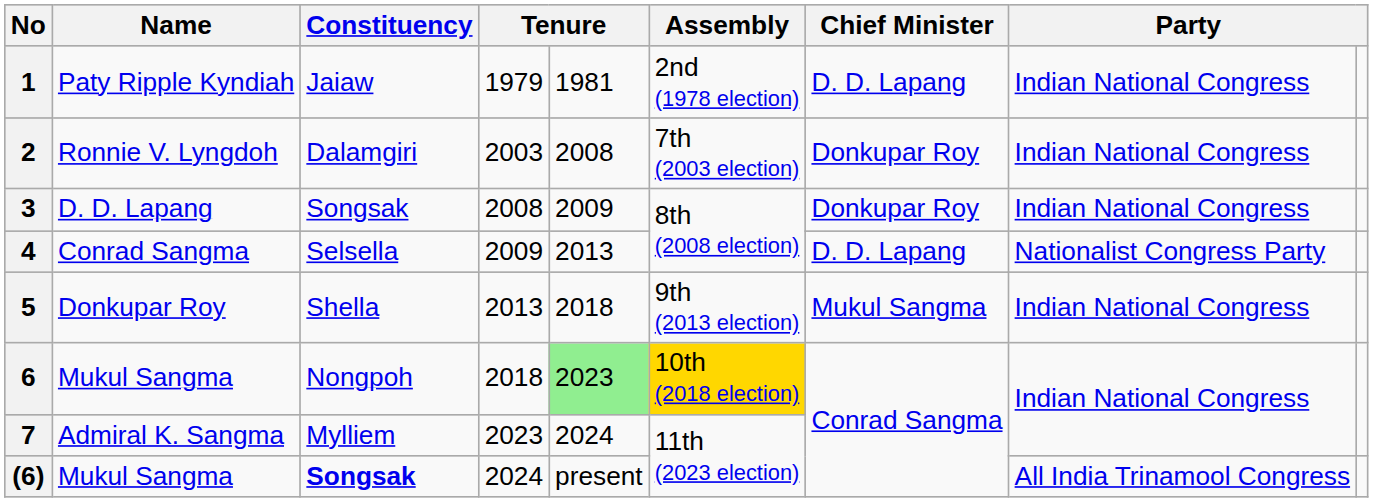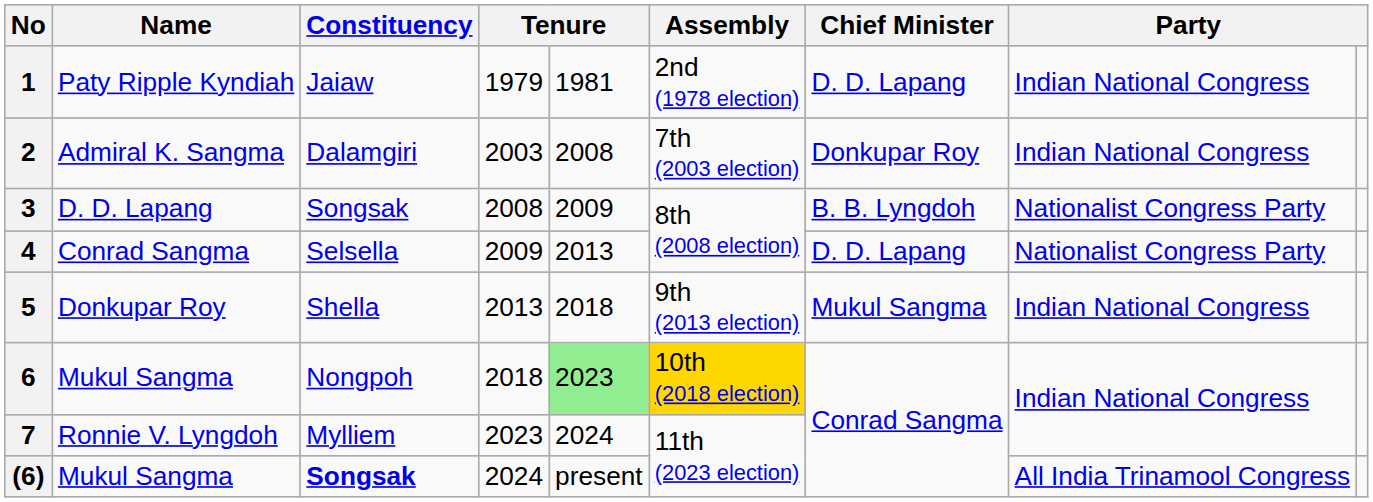 <table class="wikitable sortable" text-align:center">
 <tr>
 <th>No</th>
 <th>Name</th>
 <th><a href='#'>Constituency</a></th>
 <th colspan="2">Tenure</th>
 <th>Assembly <br></th>
 <th>Chief Minister</th>
 <th colspan="2">Party</th>
 </tr>
 <tr>
 <th>1</th>
 <td><a href='#'>Paty Ripple Kyndiah</a></td>
 <td><a href='#'>Jaiaw</a></td>
 <td>1979</td>
 <td>1981</td>
 <td>2nd <br> <a href='#'><small>(1978 election)</small></a></td>
 <td><a href='#'>D. D. Lapang</a></td>
 <td><a href='#'>Indian National Congress</a></td>
 <td style="background-color: "></td>
 </tr>
 <tr>
 <th>2</th>
-<td><a href='#'>Ronnie V. Lyngdoh</a></td>
+<td><a href='#'>Admiral K. Sangma</a></td>
 <td><a href='#'>Dalamgiri</a></td>
 <td>2003</td>
 <td>2008</td>
 <td>7th <br> <a href='#'><small>(2003 election)</small></a></td>
 <td><a href='#'>Donkupar Roy</a></td>
 <td><a href='#'>Indian National Congress</a></td>
 <td style="background-color: "></td>
 </tr>
 <tr>
 <th>3</th>
 <td><a href='#'>D. D. Lapang</a></td>
 <td><a href='#'>Songsak</a></td>
 <td>2008</td>
 <td>2009</td>
 <td rowspan="3">8th <br><a href='#'><small>(2008 election)</small></a></td>
-<td><a href='#'>Donkupar Roy</a></td>
-<td><a href='#'>Indian National Congress</a></td>
+<td><a href='#'>B. B. Lyngdoh</a></td>
+<td><a href='#'>Nationalist Congress Party</a></td>
 <td style="background-color: "></td>
 </tr>
 <tr>
 <th rowspan="2">4</th>
 <td rowspan="2"><a href='#'>Conrad Sangma</a></td>
 <td rowspan="2"><a href='#'>Selsella</a></td>
 <td rowspan="2">2009</td>
 <td rowspan="2">2013</td>
 <td><a href='#'>D. D. Lapang</a></td>
 <td rowspan="2"><a href='#'>Nationalist Congress Party</a></td>
 <td rowspan=2 style="background-color: "></td>
 </tr>
 <tr>
 <td rowspan="2"><a href='#'>Mukul Sangma</a></td>
 </tr>
 <tr>
 <th>5</th>
 <td><a href='#'>Donkupar Roy</a></td>
 <td><a href='#'>Shella</a></td>
 <td>2013</td>
 <td>2018</td>
 <td>9th <br><a href='#'><small>(2013 election)</small></a></td>
 <td><a href='#'>Indian National Congress</a></td>
 <td style="background-color: "></td>
 </tr>
 <tr>
 <th>6</th>
 <td><a href='#'>Mukul Sangma</a></td>
 <td><a href='#'>Nongpoh</a></td>
 <td>2018</td>
 <td style="background: lightgreen;">2023</td>
 <td style="background: gold;">10th <br><a href='#'><small>(2018 election)</small></a></td>
 <td rowspan=3><a href='#'>Conrad Sangma</a></td>
 <td rowspan=2><a href='#'>Indian National Congress</a></td>
 <td rowspan=2 style="background-color: "></td>
 </tr>
 <tr>
 <th>7</th>
-<td><a href='#'>Admiral K. Sangma</a></td>
+<td><a href='#'>Ronnie V. Lyngdoh</a></td>
 <td><a href='#'>Mylliem</a></td>
 <td>2023</td>
 <td>2024</td>
 <td rowspan=2>11th <br><a href='#'><small>(2023 election)</small></a></td>
 </tr>
 <tr>
 <th>(6)</th>
 <td><a href='#'>Mukul Sangma</a></td>
 <td><strong><a href='#'>Songsak</a></strong></td>
 <td>2024</td>
 <td>present</td>
 <td rowspan=2><a href='#'>All India Trinamool Congress</a></td>
 <td rowspan=2 style="background-color: "></td>
 </tr>
 </table>
